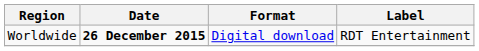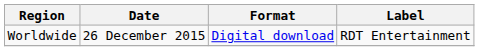 <table class=wikitable>
 <tr>
 <th>Region</th>
 <th>Date</th>
 <th>Format</th>
 <th>Label</th>
 </tr>
 <tr>
 <td>Worldwide</td>
-<td><strong>26 December 2015</strong></td>
+<td>26 December 2015</td>
 <td rowspan="1"><a href='#'>Digital download</a></td>
 <td rowspan="1">RDT Entertainment</td>
 </tr>
 <tr>
 </tr>
 </table>
